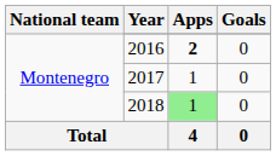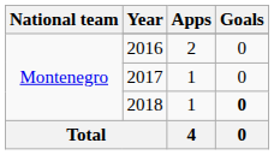 <table class="wikitable" style="text-align:center">
 <tr>
 <th>National team</th>
 <th>Year</th>
 <th>Apps</th>
 <th>Goals</th>
 </tr>
 <tr>
 <td rowspan=4><a href='#'>Montenegro</a></td>
 </tr>
 <tr>
 <td>2016</td>
-<td><strong>2</strong></td>
+<td>2</td>
 <td>0</td>
 </tr>
 <tr>
 <td>2017</td>
 <td>1</td>
 <td>0</td>
 </tr>
 <tr>
 <td>2018</td>
-<td style="background: lightgreen;">1</td>
-<td>0</td>
+<td>1</td>
+<td><strong>0</strong></td>
 </tr>
 <tr>
 <th colspan="2">Total</th>
 <th>4</th>
 <th>0</th>
 </tr>
 </table>
